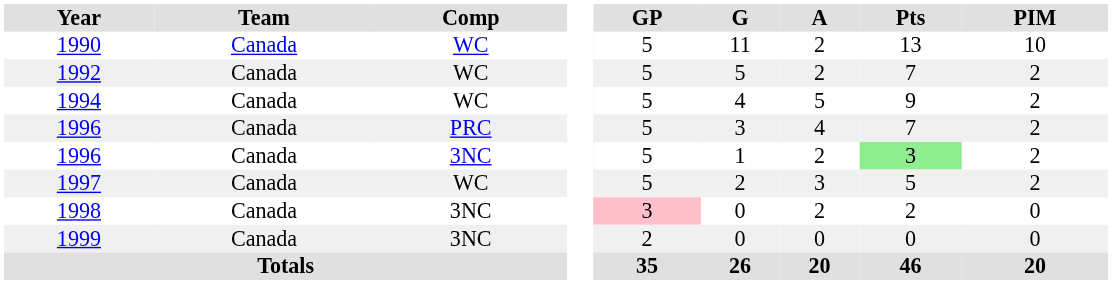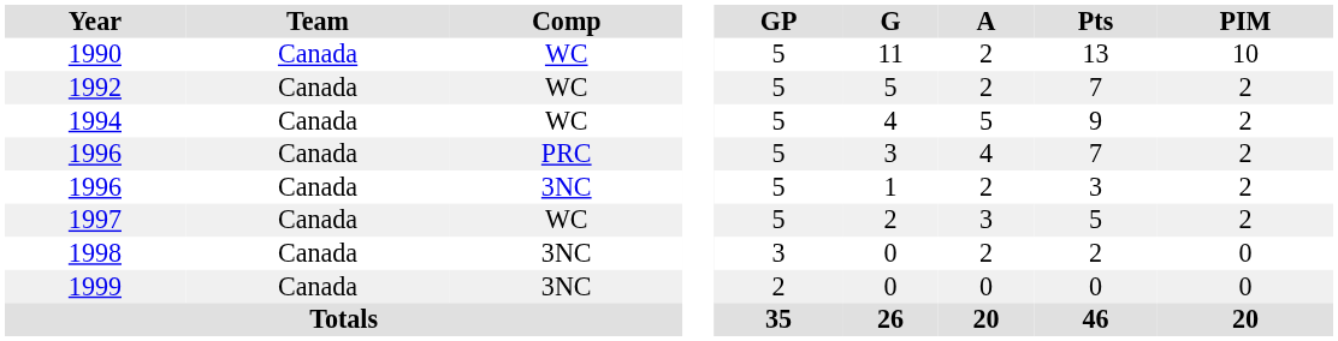 <table border="0" cellpadding="1" cellspacing="0" style="text-align:center; width:50em">
 <tr style="background:#e0e0e0;">
 <th>Year</th>
 <th>Team</th>
 <th>Comp</th>
 <th rowspan="99" style="background:#fff;"> </th>
 <th>GP</th>
 <th>G</th>
 <th>A</th>
 <th>Pts</th>
 <th>PIM</th>
 </tr>
 <tr>
 <td><a href='#'>1990</a></td>
 <td><a href='#'>Canada</a></td>
 <td><a href='#'>WC</a></td>
 <td>5</td>
 <td>11</td>
 <td>2</td>
 <td>13</td>
 <td>10</td>
 </tr>
 <tr bgcolor="#f0f0f0">
 <td><a href='#'>1992</a></td>
 <td>Canada</td>
 <td>WC</td>
 <td>5</td>
 <td>5</td>
 <td>2</td>
 <td>7</td>
 <td>2</td>
 </tr>
 <tr>
 <td><a href='#'>1994</a></td>
 <td>Canada</td>
 <td>WC</td>
 <td>5</td>
 <td>4</td>
 <td>5</td>
 <td>9</td>
 <td>2</td>
 </tr>
 <tr bgcolor="#f0f0f0">
 <td><a href='#'>1996</a></td>
 <td>Canada</td>
 <td><a href='#'>PRC</a></td>
 <td>5</td>
 <td>3</td>
 <td>4</td>
 <td>7</td>
 <td>2</td>
 </tr>
 <tr>
 <td><a href='#'>1996</a></td>
 <td>Canada</td>
 <td><a href='#'>3NC</a></td>
 <td>5</td>
 <td>1</td>
 <td>2</td>
-<td style="background: lightgreen;">3</td>
+<td>3</td>
 <td>2</td>
 </tr>
 <tr bgcolor="#f0f0f0">
 <td><a href='#'>1997</a></td>
 <td>Canada</td>
 <td>WC</td>
 <td>5</td>
 <td>2</td>
 <td>3</td>
 <td>5</td>
 <td>2</td>
 </tr>
 <tr>
 <td><a href='#'>1998</a></td>
 <td>Canada</td>
 <td>3NC</td>
-<td style="background: pink;">3</td>
+<td>3</td>
 <td>0</td>
 <td>2</td>
 <td>2</td>
 <td>0</td>
 </tr>
 <tr bgcolor="#f0f0f0">
 <td><a href='#'>1999</a></td>
 <td>Canada</td>
 <td>3NC</td>
 <td>2</td>
 <td>0</td>
 <td>0</td>
 <td>0</td>
 <td>0</td>
 </tr>
 <tr bgcolor="#e0e0e0">
 <th colspan=3>Totals</th>
 <th>35</th>
 <th>26</th>
 <th>20</th>
 <th>46</th>
 <th>20</th>
 </tr>
 </table>
